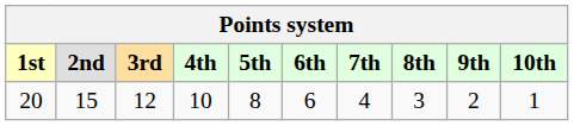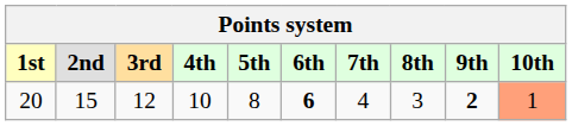 <table class="wikitable" style="font-size:95%; text-align:center">
 <tr>
 <th colspan="10">Points system</th>
 </tr>
 <tr>
 <td style="background:#ffffbf;"> <strong>1st</strong> </td>
 <td style="background:#dfdfdf;"> <strong>2nd</strong> </td>
 <td style="background:#ffdf9f;"> <strong>3rd</strong> </td>
 <td style="background:#dfffdf;"> <strong>4th</strong> </td>
 <td style="background:#dfffdf;"> <strong>5th</strong> </td>
 <td style="background:#dfffdf;"> <strong>6th</strong> </td>
 <td style="background:#dfffdf;"> <strong>7th</strong> </td>
 <td style="background:#dfffdf;"> <strong>8th</strong> </td>
 <td style="background:#dfffdf;"> <strong>9th</strong> </td>
 <td style="background:#dfffdf;"> <strong>10th</strong> </td>
 </tr>
 <tr>
 <td>20</td>
 <td>15</td>
 <td>12</td>
 <td>10</td>
 <td>8</td>
-<td>6</td>
+<td><strong>6</strong></td>
 <td>4</td>
 <td>3</td>
-<td>2</td>
-<td>1</td>
+<td><strong>2</strong></td>
+<td style="background: lightsalmon;">1</td>
 </tr>
 </table>
